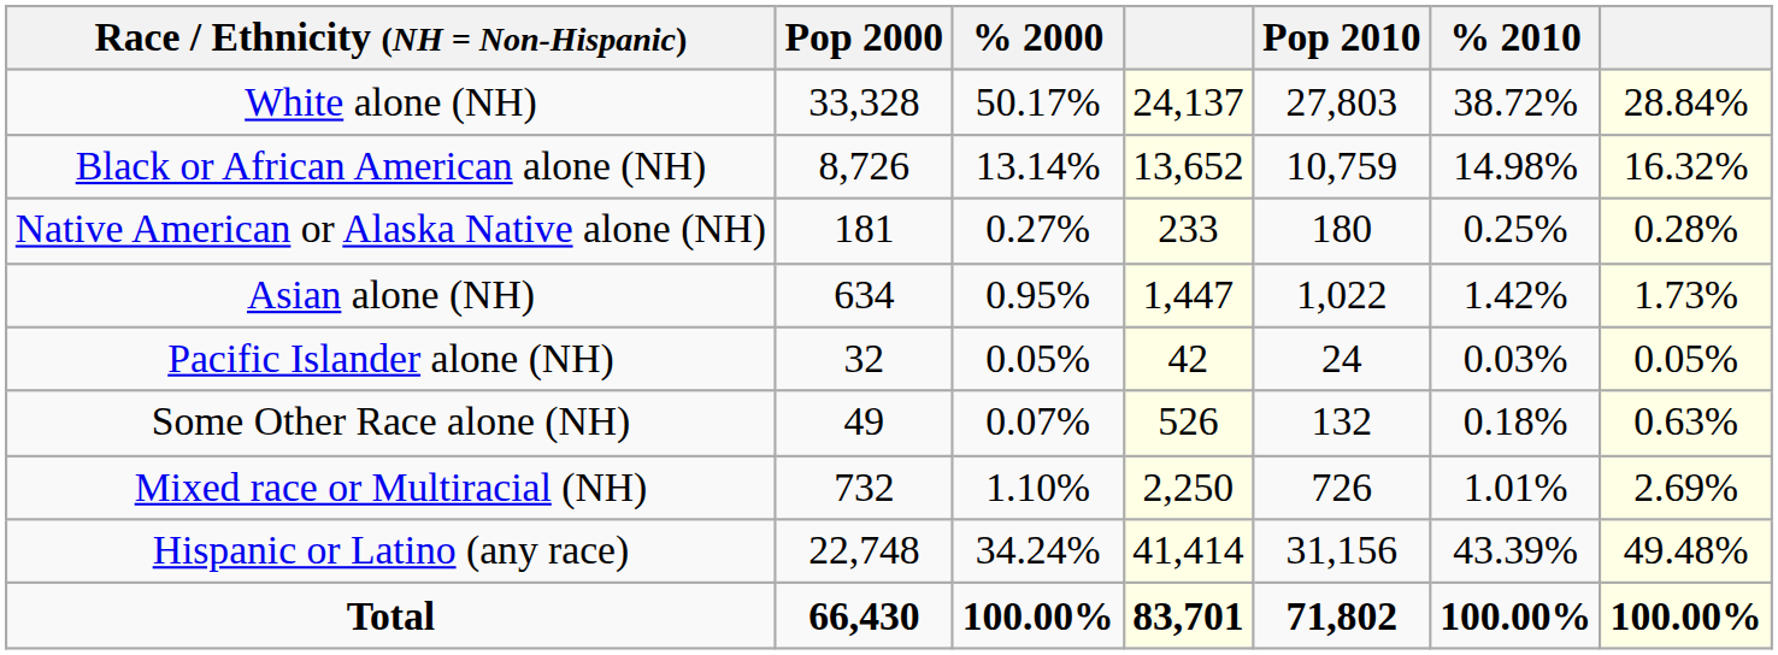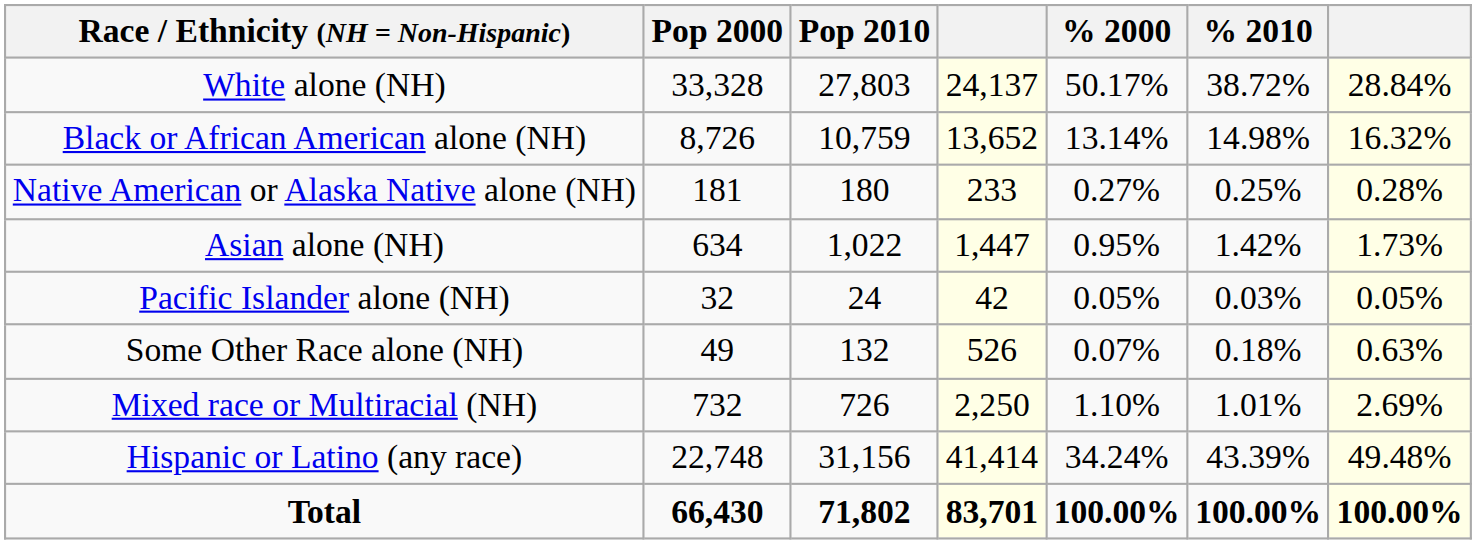 <table class="wikitable" style="text-align:center;">
 <tr>
 <th>Race / Ethnicity <small>(<em>NH = Non-Hispanic</em>)</small></th>
 <th>Pop 2000</th>
+<th>Pop 2010</th>
+<th></th>
 <th>% 2000</th>
-<th></th>
-<th>Pop 2010</th>
 <th>% 2010</th>
 <th></th>
 </tr>
 <tr>
 <td><a href='#'>White</a> alone (NH)</td>
 <td>33,328</td>
+<td>27,803</td>
+<td style='background: #ffffe6;'>24,137</td>
 <td>50.17%</td>
-<td style='background: #ffffe6;'>24,137</td>
-<td>27,803</td>
 <td>38.72%</td>
 <td style='background: #ffffe6;'>28.84%</td>
 </tr>
 <tr>
 <td><a href='#'>Black or African American</a> alone (NH)</td>
 <td>8,726</td>
+<td>10,759</td>
+<td style='background: #ffffe6;'>13,652</td>
 <td>13.14%</td>
-<td style='background: #ffffe6;'>13,652</td>
-<td>10,759</td>
 <td>14.98%</td>
 <td style='background: #ffffe6;'>16.32%</td>
 </tr>
 <tr>
 <td><a href='#'>Native American</a> or <a href='#'>Alaska Native</a> alone (NH)</td>
 <td>181</td>
+<td>180</td>
+<td style='background: #ffffe6;'>233</td>
 <td>0.27%</td>
-<td style='background: #ffffe6;'>233</td>
-<td>180</td>
 <td>0.25%</td>
 <td style='background: #ffffe6;'>0.28%</td>
 </tr>
 <tr>
 <td><a href='#'>Asian</a> alone (NH)</td>
 <td>634</td>
+<td>1,022</td>
+<td style='background: #ffffe6;'>1,447</td>
 <td>0.95%</td>
-<td style='background: #ffffe6;'>1,447</td>
-<td>1,022</td>
 <td>1.42%</td>
 <td style='background: #ffffe6;'>1.73%</td>
 </tr>
 <tr>
 <td><a href='#'>Pacific Islander</a> alone (NH)</td>
 <td>32</td>
+<td>24</td>
+<td style='background: #ffffe6;'>42</td>
 <td>0.05%</td>
-<td style='background: #ffffe6;'>42</td>
-<td>24</td>
 <td>0.03%</td>
 <td style='background: #ffffe6;'>0.05%</td>
 </tr>
 <tr>
 <td>Some Other Race alone (NH)</td>
 <td>49</td>
+<td>132</td>
+<td style='background: #ffffe6;'>526</td>
 <td>0.07%</td>
-<td style='background: #ffffe6;'>526</td>
-<td>132</td>
 <td>0.18%</td>
 <td style='background: #ffffe6;'>0.63%</td>
 </tr>
 <tr>
 <td><a href='#'>Mixed race or Multiracial</a> (NH)</td>
 <td>732</td>
+<td>726</td>
+<td style='background: #ffffe6;'>2,250</td>
 <td>1.10%</td>
-<td style='background: #ffffe6;'>2,250</td>
-<td>726</td>
 <td>1.01%</td>
 <td style='background: #ffffe6;'>2.69%</td>
 </tr>
 <tr>
 <td><a href='#'>Hispanic or Latino</a> (any race)</td>
 <td>22,748</td>
+<td>31,156</td>
+<td style='background: #ffffe6;'>41,414</td>
 <td>34.24%</td>
-<td style='background: #ffffe6;'>41,414</td>
-<td>31,156</td>
 <td>43.39%</td>
 <td style='background: #ffffe6;'>49.48%</td>
 </tr>
 <tr>
 <td><strong>Total</strong></td>
 <td><strong>66,430</strong></td>
+<td><strong>71,802</strong></td>
+<td style='background: #ffffe6;'><strong>83,701</strong></td>
 <td><strong>100.00%</strong></td>
-<td style='background: #ffffe6;'><strong>83,701</strong></td>
-<td><strong>71,802</strong></td>
 <td><strong>100.00%</strong></td>
 <td style='background: #ffffe6;'><strong>100.00%</strong></td>
 </tr>
 </table>
